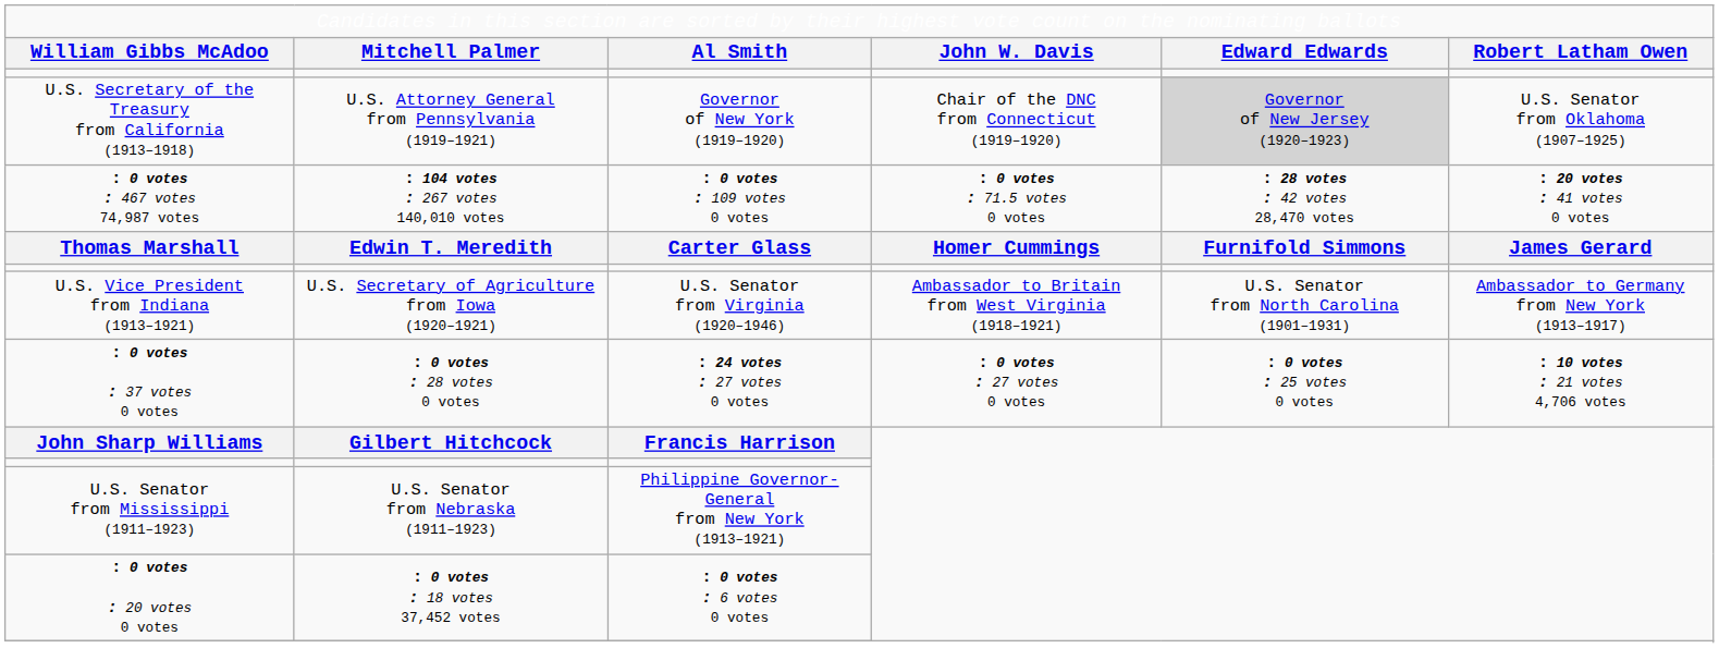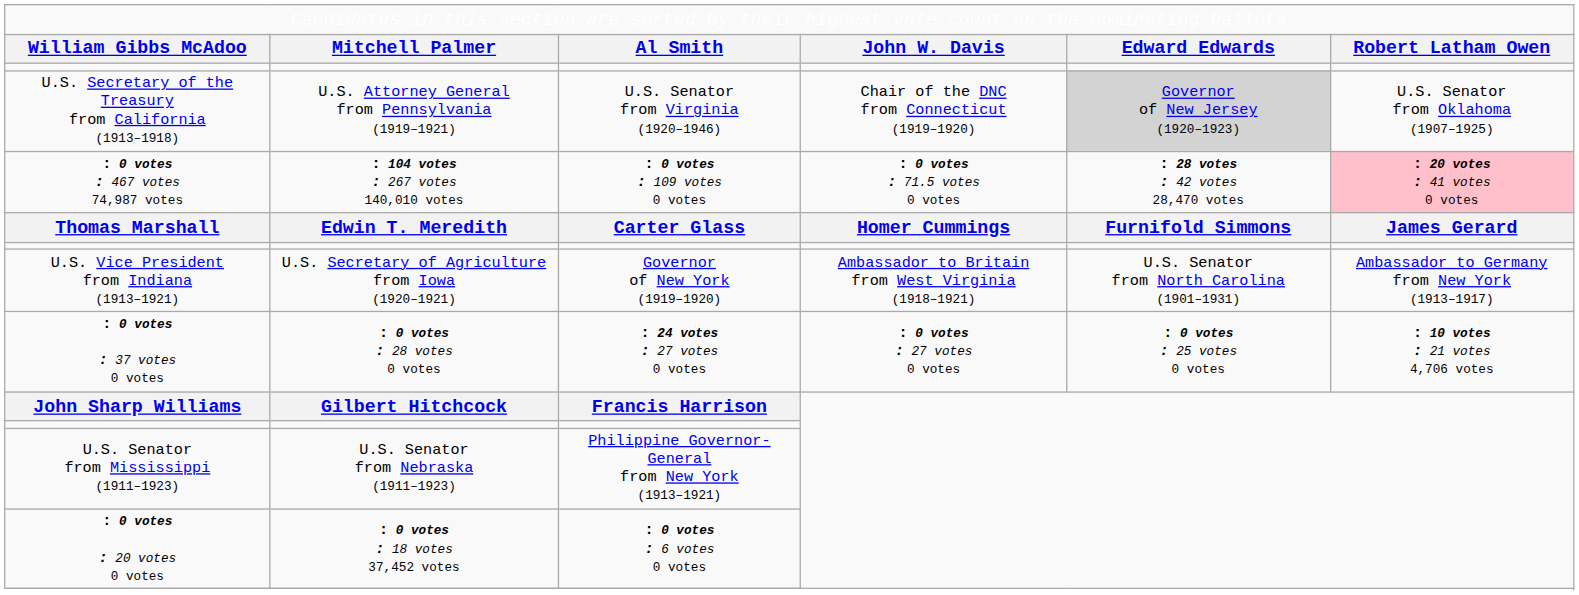 <table class="wikitable" style="font-size:90%">
 <tr>
 <td colspan="7" style="text-align:center; width:1200px; font-size:120%; color:white; background:"><em>Candidates in this section are sorted by their highest vote count on the nominating ballots</em></td>
 </tr>
 <tr>
 <th scope="col" style="width:3em; font-size:120%;"><a href='#'>William Gibbs McAdoo</a></th>
 <th scope="col" style="width:3em; font-size:120%;"><a href='#'>Mitchell Palmer</a></th>
 <th scope="col" style="width:3em; font-size:120%;"><a href='#'>Al Smith</a></th>
 <th scope="col" style="width:3em; font-size:120%;"><a href='#'>John W. Davis</a></th>
 <th scope="col" style="width:3em; font-size:120%;"><a href='#'>Edward Edwards</a></th>
 <th scope="col" style="width:3em; font-size:120%;"><a href='#'>Robert Latham Owen</a></th>
 </tr>
 <tr>
 <td></td>
 <td></td>
 <td></td>
 <td></td>
 <td></td>
 <td></td>
 </tr>
 <tr style="text-align:center">
 <td>U.S. <a href='#'>Secretary of the Treasury</a><br>from <a href='#'>California</a><br><small>(1913–1918)</small></td>
 <td>U.S. <a href='#'>Attorney General</a><br>from <a href='#'>Pennsylvania</a><br><small>(1919–1921)</small></td>
-<td><a href='#'>Governor</a><br>of <a href='#'>New York</a><br><small>(1919–1920)</small></td>
+<td>U.S. Senator<br>from <a href='#'>Virginia</a><br><small>(1920–1946)</small></td>
 <td>Chair of the <a href='#'>DNC</a><br>from <a href='#'>Connecticut</a><br><small>(1919–1920)</small></td>
 <td style="background: lightgrey;"><a href='#'>Governor</a><br>of <a href='#'>New Jersey</a><br><small>(1920–1923)</small></td>
 <td>U.S. Senator<br>from <a href='#'>Oklahoma</a><br><small>(1907–1925)</small></td>
 </tr>
 <tr style="text-align:center">
 <td><strong>:<strong><em><small> 0 votes</small><em><br></strong>:</em></strong><small> 467 votes</small></em><br><small>74,987 votes</small></td>
 <td><strong>:<strong><em><small> 104 votes</small><em><br></strong>:</em></strong><small> 267 votes</small></em><br><small>140,010 votes</small></td>
 <td><strong>:<strong><em><small> 0 votes</small><em><br></strong>:</em></strong><small> 109 votes</small></em><br><small>0 votes</small></td>
 <td><strong>:<strong><em><small> 0 votes</small><em><br></strong>:</em></strong><small> 71.5 votes</small></em><br><small>0 votes</small></td>
 <td><strong>:<strong><em><small> 28 votes</small><em><br></strong>:</em></strong><small> 42 votes</small></em><br><small>28,470 votes</small></td>
-<td><strong>:<strong><em><small> 20 votes</small><em><br></strong>:</em></strong><small> 41 votes</small></em><br><small>0 votes</small></td>
+<td style="background: pink;"><strong>:<strong><em><small> 20 votes</small><em><br></strong>:</em></strong><small> 41 votes</small></em><br><small>0 votes</small></td>
 </tr>
 <tr>
 <th scope="col" style="width:3em; font-size:120%;"><a href='#'>Thomas Marshall</a></th>
 <th scope="col" style="width:3em; font-size:120%;"><a href='#'>Edwin T. Meredith</a></th>
 <th scope="col" style="width:3em; font-size:120%;"><a href='#'>Carter Glass</a></th>
 <th scope="col" style="width:3em; font-size:120%;"><a href='#'>Homer Cummings</a></th>
 <th scope="col" style="width:3em; font-size:120%;"><a href='#'>Furnifold Simmons</a></th>
 <th scope="col" style="width:3em; font-size:120%;"><a href='#'>James Gerard</a></th>
 </tr>
 <tr>
 <td></td>
 <td></td>
 <td></td>
 <td></td>
 <td></td>
 <td></td>
 </tr>
 <tr style="text-align:center">
 <td>U.S. <a href='#'>Vice President</a><br>from <a href='#'>Indiana</a><br><small>(1913–1921)</small></td>
 <td>U.S. <a href='#'>Secretary of Agriculture</a><br>from <a href='#'>Iowa</a><br><small>(1920–1921)</small></td>
-<td>U.S. Senator<br>from <a href='#'>Virginia</a><br><small>(1920–1946)</small></td>
+<td><a href='#'>Governor</a><br>of <a href='#'>New York</a><br><small>(1919–1920)</small></td>
 <td><a href='#'>Ambassador to Britain</a><br>from <a href='#'>West Virginia</a><br><small>(1918–1921)</small></td>
 <td>U.S. Senator<br>from <a href='#'>North Carolina</a><br><small>(1901–1931)</small></td>
 <td><a href='#'>Ambassador to Germany</a><br>from <a href='#'>New York</a><br><small>(1913–1917)</small></td>
 </tr>
 <tr style="text-align:center">
 <td><strong>:<strong><em><small> 0 votes</small><em><br></strong><strong><br></strong>:</em></strong><small> 37 votes</small></em><br><small>0 votes</small></td>
 <td><strong>:<strong><em><small> 0 votes</small><em><br></strong>:</em></strong><small> 28 votes</small></em><br><small>0 votes</small></td>
 <td><strong>:<strong><em><small> 24 votes</small><em><br></strong>:</em></strong><small> 27 votes</small></em><br><small>0 votes</small></td>
 <td><strong>:<strong><em><small> 0 votes</small><em><br></strong>:</em></strong><small> 27 votes</small></em><br><small>0 votes</small></td>
 <td><strong>:<strong><em><small> 0 votes</small><em><br></strong>:</em></strong><small> 25 votes</small></em><br><small>0 votes</small></td>
 <td><strong>:<strong><em><small> 10 votes</small><em><br></strong>:</em></strong><small> 21 votes</small></em><br><small>4,706 votes</small></td>
 </tr>
 <tr>
 <th scope="col" style="width:3em; font-size:120%;"><a href='#'>John Sharp Williams</a></th>
 <th scope="col" style="width:3em; font-size:120%;"><a href='#'>Gilbert Hitchcock</a></th>
 <th scope="col" style="width:3em; font-size:120%;"><a href='#'>Francis Harrison</a></th>
 </tr>
 <tr>
 <td></td>
 <td></td>
 <td></td>
 </tr>
 <tr style="text-align:center">
 <td>U.S. Senator<br>from <a href='#'>Mississippi</a><br><small>(1911–1923)</small></td>
 <td>U.S. Senator<br>from <a href='#'>Nebraska</a><br><small>(1911–1923)</small></td>
 <td><a href='#'>Philippine Governor-General</a><br>from <a href='#'>New York</a><br><small>(1913–1921)</small></td>
 </tr>
 <tr style="text-align:center">
 <td><strong>:<strong><em><small> 0 votes</small><em><br></strong><strong><br></strong>:</em></strong><small> 20 votes</small></em><br><small>0 votes</small></td>
 <td><strong>:<strong><em><small> 0 votes</small><em><br></strong>:</em></strong><small> 18 votes</small></em><br><small>37,452 votes</small></td>
 <td><strong>:<strong><em><small> 0 votes</small><em><br></strong>:</em></strong><small> 6 votes</small></em><br><small>0 votes</small></td>
 </tr>
 <tr>
 </tr>
 </table>
